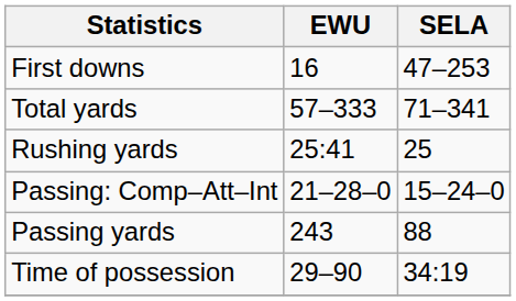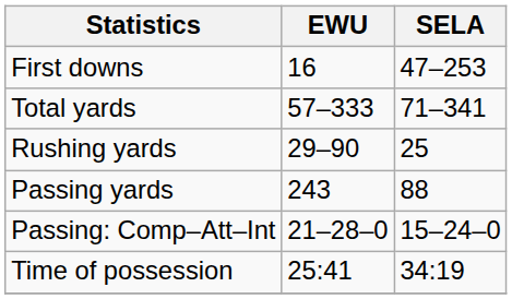 <table class="wikitable" style="float: left;">
 <tr>
 <th>Statistics</th>
 <th>EWU</th>
 <th>SELA</th>
 </tr>
 <tr>
 <td>First downs</td>
 <td>16</td>
 <td>47–253</td>
 </tr>
 <tr>
 <td>Total yards</td>
 <td>57–333</td>
 <td>71–341</td>
 </tr>
 <tr>
 <td>Rushing yards</td>
-<td>25:41</td>
+<td>29–90</td>
 <td>25</td>
+</tr>
+<tr>
+<td>Passing yards</td>
+<td>243</td>
+<td>88</td>
 </tr>
 <tr>
 <td>Passing: Comp–Att–Int</td>
 <td>21–28–0</td>
 <td>15–24–0</td>
 </tr>
 <tr>
-<td>Passing yards</td>
-<td>243</td>
-<td>88</td>
-</tr>
-<tr>
 <td>Time of possession</td>
-<td>29–90</td>
+<td>25:41</td>
 <td>34:19</td>
 </tr>
 <tr>
 </tr>
 </table>
